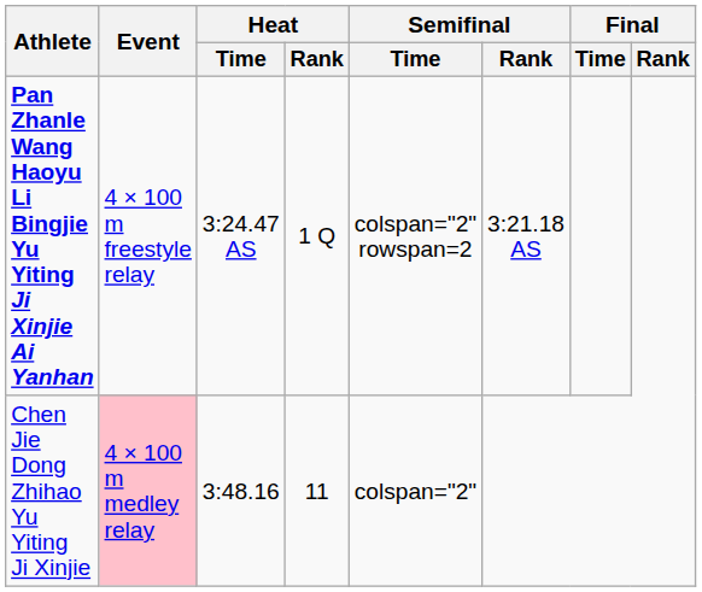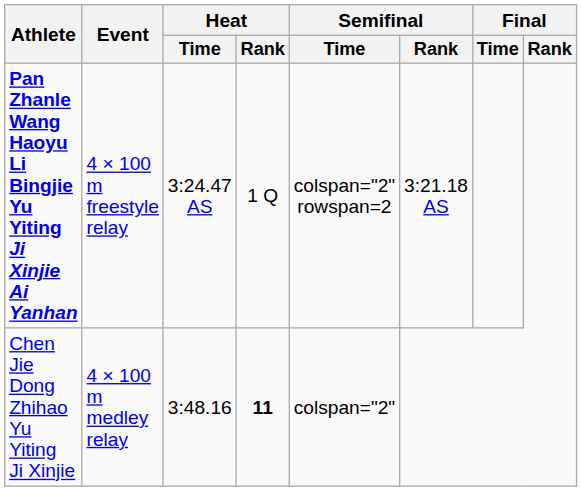 <table class="wikitable" style="text-align:center; font-size:90%; width:50%;">
 <tr>
 <th rowspan="2">Athlete</th>
 <th rowspan="2">Event</th>
 <th colspan="2">Heat</th>
 <th colspan="2">Semifinal</th>
 <th colspan="2">Final</th>
 </tr>
 <tr style="font-size:95%">
 <th>Time</th>
 <th>Rank</th>
 <th>Time</th>
 <th>Rank</th>
 <th>Time</th>
 <th>Rank</th>
 </tr>
 <tr>
 <td align=left><strong><a href='#'>Pan Zhanle</a><br><a href='#'>Wang Haoyu</a><br><a href='#'>Li Bingjie</a><br><a href='#'>Yu Yiting</a><br><em><a href='#'>Ji Xinjie</a><br><a href='#'>Ai Yanhan</a><strong><em></td>
 <td align=left><a href='#'>4 × 100 m freestyle relay</a></td>
 <td>3:24.47 </strong><a href='#'>AS</a><strong></td>
 <td>1 </strong>Q<strong></td>
 <td>colspan="2" rowspan=2 </td>
 <td>3:21.18 </strong><a href='#'>AS</a><strong></td>
 <td></td>
 </tr>
 <tr>
 <td align=left><a href='#'>Chen Jie</a> <br><a href='#'>Dong Zhihao</a><br><a href='#'>Yu Yiting</a> <br><a href='#'>Ji Xinjie</a></td>
-<td align=left style="background: pink;"><a href='#'>4 × 100 m medley relay</a></td>
+<td align=left><a href='#'>4 × 100 m medley relay</a></td>
 <td>3:48.16</td>
-<td>11</td>
+<td><strong>11</strong></td>
 <td>colspan="2"  </td>
 </tr>
 </table>
